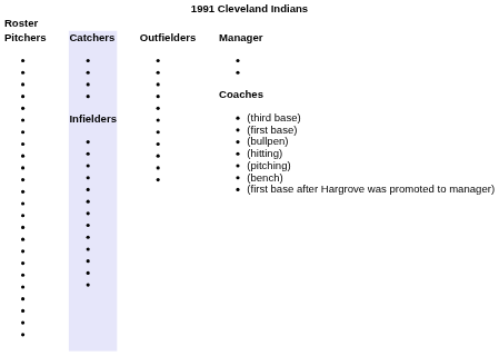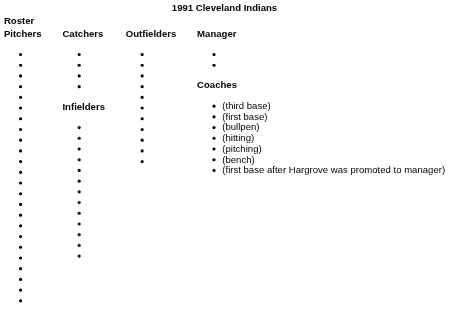 <table class="toccolours" style="font-size: 95%;">
 <tr>
 <th colspan="10">1991 Cleveland Indians</th>
 </tr>
 <tr>
 <td colspan="10"><strong>Roster</strong></td>
 </tr>
 <tr>
 <td valign="top"><strong>Pitchers</strong><br><ul><li></li><li></li><li></li><li></li><li></li><li></li><li></li><li></li><li></li><li></li><li></li><li></li><li></li><li></li><li></li><li></li><li></li><li></li><li></li><li></li><li></li><li></li><li></li><li></li></ul></td>
 <td width="25px"></td>
-<td valign="top" style="background: lavender;"><strong>Catchers</strong><br><ul><li></li><li></li><li></li><li></li></ul><strong>Infielders</strong><ul><li></li><li></li><li></li><li></li><li></li><li></li><li></li><li></li><li></li><li></li><li></li><li></li><li></li></ul></td>
+<td valign="top"><strong>Catchers</strong><br><ul><li></li><li></li><li></li><li></li></ul><strong>Infielders</strong><ul><li></li><li></li><li></li><li></li><li></li><li></li><li></li><li></li><li></li><li></li><li></li><li></li><li></li></ul></td>
 <td width="25px"></td>
 <td valign="top"><strong>Outfielders</strong><br><ul><li></li><li></li><li></li><li></li><li></li><li></li><li></li><li></li><li></li><li></li><li></li></ul></td>
 <td width="25px"></td>
 <td valign="top"><strong>Manager</strong><br><ul><li></li><li></li></ul><strong>Coaches</strong><ul><li> (third base)</li><li> (first base)</li><li> (bullpen)</li><li> (hitting)</li><li> (pitching)</li><li> (bench)</li><li> (first base after Hargrove was promoted to manager)</li></ul></td>
 </tr>
 </table>
